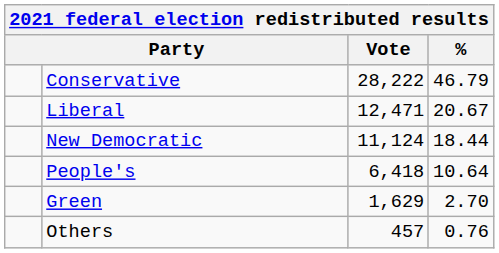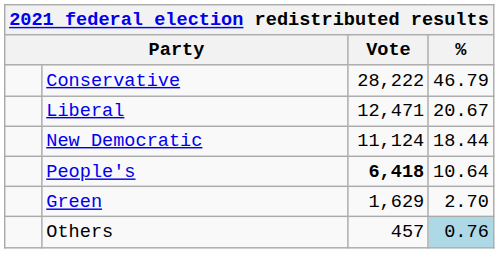 <table class="wikitable">
 <tr>
 <th colspan="4"><a href='#'>2021 federal election</a> redistributed results</th>
 </tr>
 <tr>
 <th bgcolor="#DDDDFF" width="130px" colspan="2">Party</th>
 <th bgcolor="#DDDDFF" width="50px">Vote</th>
 <th bgcolor="#DDDDFF" width="30px">%</th>
 </tr>
 <tr>
 <td> </td>
 <td><a href='#'>Conservative</a></td>
 <td align=right>28,222</td>
 <td align=right>46.79</td>
 </tr>
 <tr>
 <td> </td>
 <td><a href='#'>Liberal</a></td>
 <td align=right>12,471</td>
 <td align=right>20.67</td>
 </tr>
 <tr>
 <td> </td>
 <td><a href='#'>New Democratic</a></td>
 <td align=right>11,124</td>
 <td align=right>18.44</td>
 </tr>
 <tr>
 <td> </td>
 <td><a href='#'>People's</a></td>
-<td align=right>6,418</td>
+<td align=right><strong>6,418</strong></td>
 <td align=right>10.64</td>
 </tr>
 <tr>
 <td> </td>
 <td><a href='#'>Green</a></td>
 <td align=right>1,629</td>
 <td align=right>2.70</td>
 </tr>
 <tr>
 <td> </td>
 <td>Others</td>
 <td align=right>457</td>
-<td align=right>0.76</td>
+<td align=right style="background: lightblue;">0.76</td>
 </tr>
 </table>
